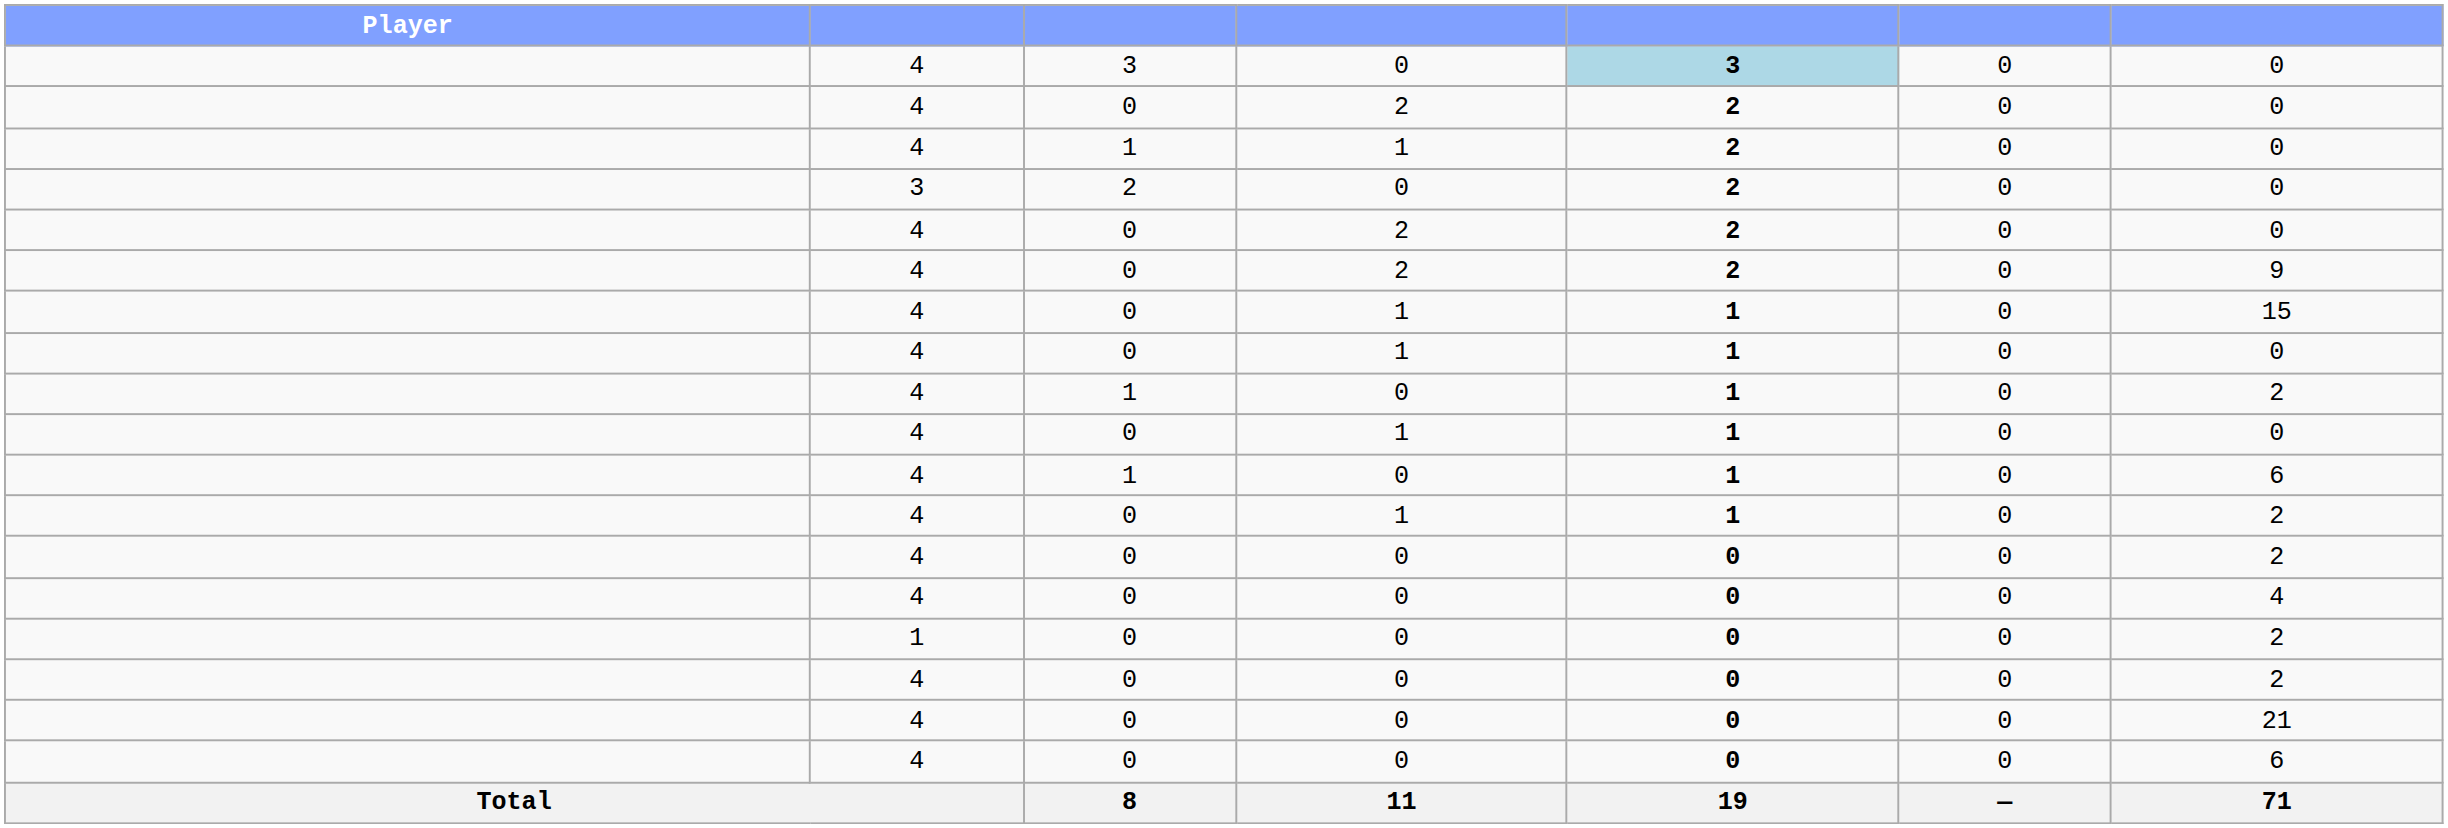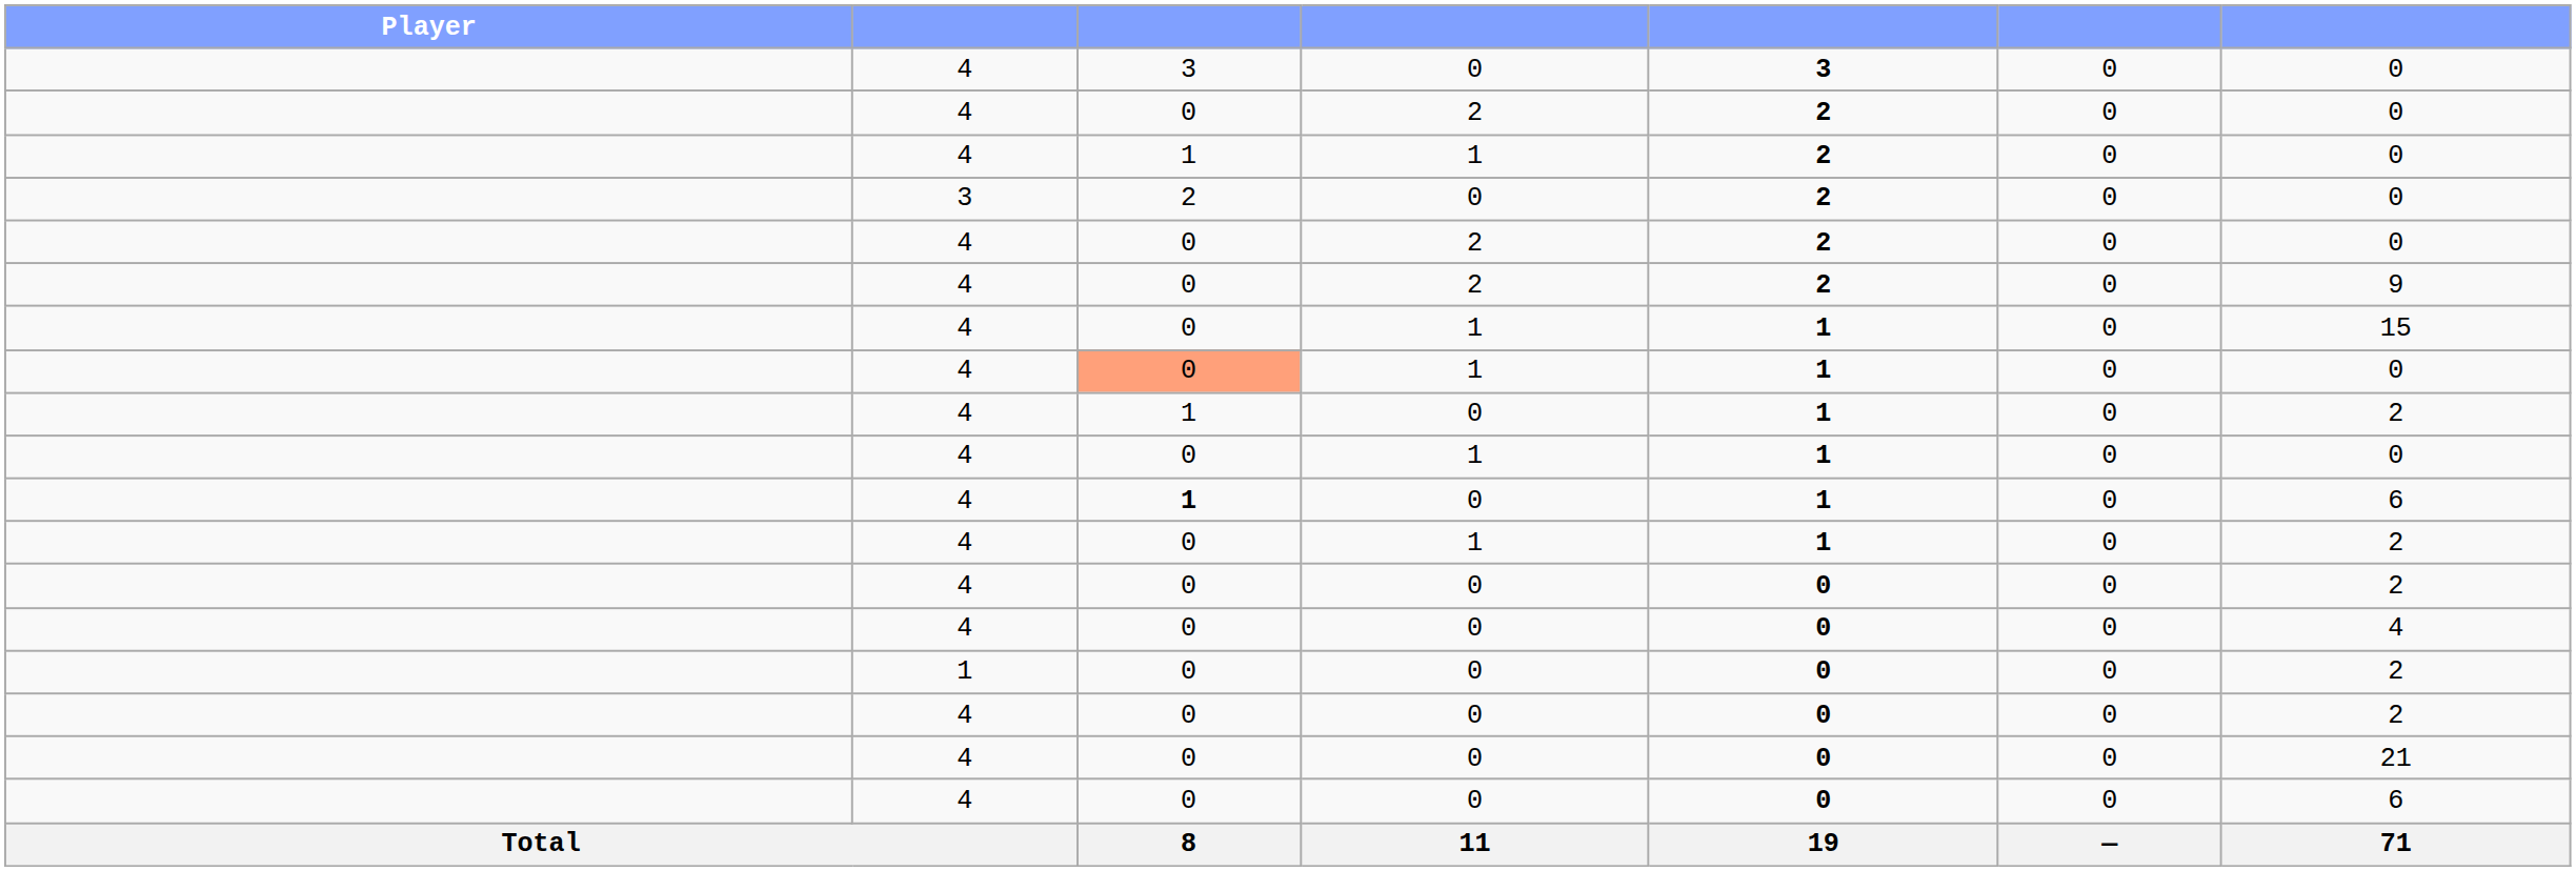 <table class="wikitable sortable" style="width:100%; text-align:center;">
 <tr>
 <th style="color:white; background:#80A0FF; ">Player</th>
 <th style="color:white; background:#80A0FF; "></th>
 <th style="color:white; background:#80A0FF; "></th>
 <th style="color:white; background:#80A0FF; "></th>
 <th style="color:white; background:#80A0FF; "></th>
 <th style="color:white; background:#80A0FF; "></th>
 <th style="color:white; background:#80A0FF; "></th>
 </tr>
 <tr>
 <td></td>
 <td>4</td>
 <td>3</td>
 <td>0</td>
-<td style="background: lightblue;"><strong>3</strong></td>
+<td><strong>3</strong></td>
 <td>0</td>
 <td>0</td>
 </tr>
 <tr>
 <td></td>
 <td>4</td>
 <td>0</td>
 <td>2</td>
 <td><strong>2</strong></td>
 <td>0</td>
 <td>0</td>
 </tr>
 <tr>
 <td></td>
 <td>4</td>
 <td>1</td>
 <td>1</td>
 <td><strong>2</strong></td>
 <td>0</td>
 <td>0</td>
 </tr>
 <tr>
 <td></td>
 <td>3</td>
 <td>2</td>
 <td>0</td>
 <td><strong>2</strong></td>
 <td>0</td>
 <td>0</td>
 </tr>
 <tr>
 <td></td>
 <td>4</td>
 <td>0</td>
 <td>2</td>
 <td><strong>2</strong></td>
 <td>0</td>
 <td>0</td>
 </tr>
 <tr>
 <td></td>
 <td>4</td>
 <td>0</td>
 <td>2</td>
 <td><strong>2</strong></td>
 <td>0</td>
 <td>9</td>
 </tr>
 <tr>
 <td></td>
 <td>4</td>
 <td>0</td>
 <td>1</td>
 <td><strong>1</strong></td>
 <td>0</td>
 <td>15</td>
 </tr>
 <tr>
 <td></td>
 <td>4</td>
-<td>0</td>
+<td style="background: lightsalmon;">0</td>
 <td>1</td>
 <td><strong>1</strong></td>
 <td>0</td>
 <td>0</td>
 </tr>
 <tr>
 <td></td>
 <td>4</td>
 <td>1</td>
 <td>0</td>
 <td><strong>1</strong></td>
 <td>0</td>
 <td>2</td>
 </tr>
 <tr>
 <td></td>
 <td>4</td>
 <td>0</td>
 <td>1</td>
 <td><strong>1</strong></td>
 <td>0</td>
 <td>0</td>
 </tr>
 <tr>
 <td></td>
 <td>4</td>
-<td>1</td>
+<td><strong>1</strong></td>
 <td>0</td>
 <td><strong>1</strong></td>
 <td>0</td>
 <td>6</td>
 </tr>
 <tr>
 <td></td>
 <td>4</td>
 <td>0</td>
 <td>1</td>
 <td><strong>1</strong></td>
 <td>0</td>
 <td>2</td>
 </tr>
 <tr>
 <td></td>
 <td>4</td>
 <td>0</td>
 <td>0</td>
 <td><strong>0</strong></td>
 <td>0</td>
 <td>2</td>
 </tr>
 <tr>
 <td></td>
 <td>4</td>
 <td>0</td>
 <td>0</td>
 <td><strong>0</strong></td>
 <td>0</td>
 <td>4</td>
 </tr>
 <tr>
 <td></td>
 <td>1</td>
 <td>0</td>
 <td>0</td>
 <td><strong>0</strong></td>
 <td>0</td>
 <td>2</td>
 </tr>
 <tr>
 <td></td>
 <td>4</td>
 <td>0</td>
 <td>0</td>
 <td><strong>0</strong></td>
 <td>0</td>
 <td>2</td>
 </tr>
 <tr>
 <td></td>
 <td>4</td>
 <td>0</td>
 <td>0</td>
 <td><strong>0</strong></td>
 <td>0</td>
 <td>21</td>
 </tr>
 <tr>
 <td></td>
 <td>4</td>
 <td>0</td>
 <td>0</td>
 <td><strong>0</strong></td>
 <td>0</td>
 <td>6</td>
 </tr>
 <tr class="sortbottom">
 <th colspan=2>Total</th>
 <th>8</th>
 <th>11</th>
 <th>19</th>
 <th>—</th>
 <th>71</th>
 </tr>
 </table>
